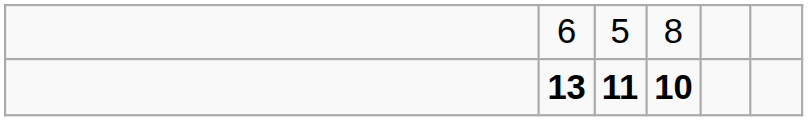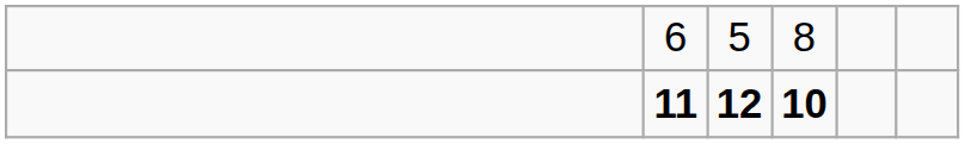 <table class="wikitable">
 <tr>
 <td style="width:15em"></td>
 <td align=center style="width:1em">6</td>
 <td align=center style="width:1em">5</td>
 <td align=center style="width:1em">8</td>
 <td align=center style="width:1em"></td>
 <td align=center style="width:1em"></td>
 </tr>
 <tr>
 <td style="width:15em"></td>
-<td align=center style="width:1em"><strong>13</strong></td>
 <td align=center style="width:1em"><strong>11</strong></td>
+<td align=center style="width:1em"><strong>12</strong></td>
 <td align=center style="width:1em"><strong>10</strong></td>
 <td align=center style="width:1em"></td>
 <td align=center style="width:1em"></td>
 </tr>
 </table>
